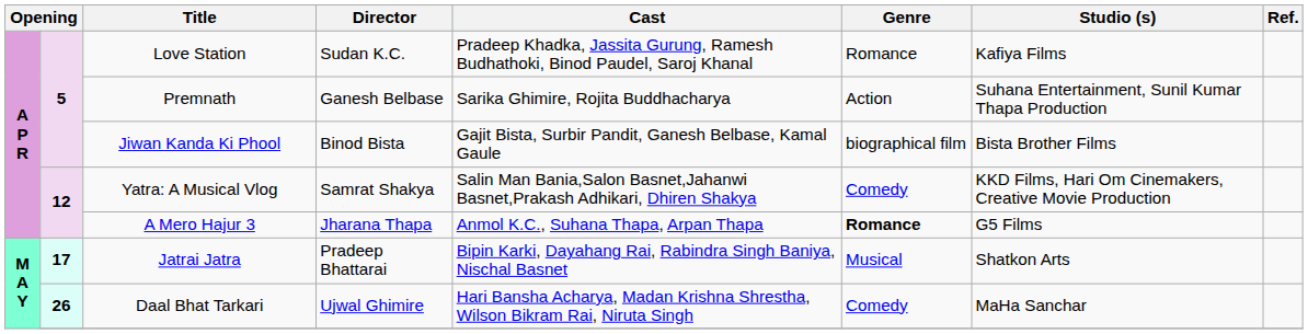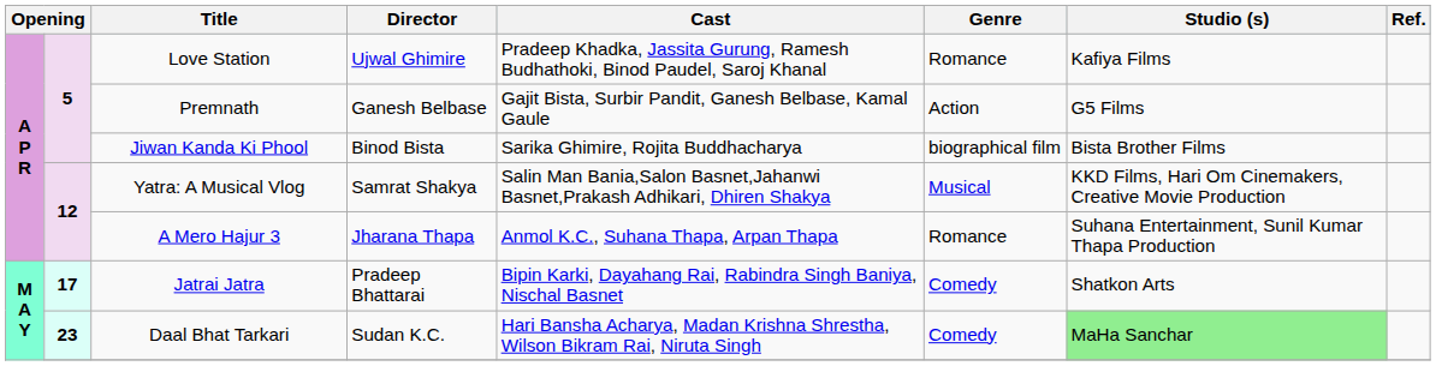 <table class="wikitable">
 <tr style="background:#b0e0e6; text-align:center;">
 <th colspan="2" style="width:6%;"><strong>Opening</strong></th>
 <th style="width:18%;"><strong>Title</strong></th>
 <th style="width:10.5%;"><strong>Director</strong></th>
 <th style="width:30%;"><strong>Cast</strong></th>
 <th style="width:10%;"><strong>Genre</strong></th>
 <th>Studio (s)</th>
 <th>Ref.</th>
 </tr>
 <tr>
 <td rowspan="5" style="text-align:center; background:plum;"><strong>A<br>P<br>R</strong></td>
 <td rowspan="3" style="text-align:center;background:#f1daf1;"><strong>5</strong></td>
 <td style="text-align:center;">Love Station</td>
-<td>Sudan K.C.</td>
+<td><a href='#'>Ujwal Ghimire</a></td>
 <td>Pradeep Khadka, <a href='#'>Jassita Gurung</a>, Ramesh Budhathoki, Binod Paudel, Saroj Khanal</td>
 <td>Romance</td>
 <td>Kafiya Films</td>
 <td></td>
 </tr>
 <tr>
 <td style="text-align:center;">Premnath</td>
 <td>Ganesh Belbase</td>
-<td>Sarika Ghimire, Rojita Buddhacharya</td>
+<td>Gajit Bista, Surbir Pandit, Ganesh Belbase, Kamal Gaule</td>
 <td>Action</td>
-<td>Suhana Entertainment, Sunil Kumar Thapa Production</td>
+<td>G5 Films</td>
 <td></td>
 </tr>
 <tr>
 <td style="text-align:center;"><a href='#'>Jiwan Kanda Ki Phool</a></td>
 <td>Binod Bista</td>
-<td>Gajit Bista, Surbir Pandit, Ganesh Belbase, Kamal Gaule</td>
+<td>Sarika Ghimire, Rojita Buddhacharya</td>
 <td>biographical film</td>
 <td>Bista Brother Films</td>
 <td></td>
 </tr>
 <tr>
 <td rowspan="2" style="text-align:center;background:#f1daf1;"><strong>12</strong></td>
 <td style="text-align:center;">Yatra: A Musical Vlog</td>
 <td>Samrat Shakya</td>
 <td>Salin Man Bania,Salon Basnet,Jahanwi Basnet,Prakash Adhikari, <a href='#'>Dhiren Shakya</a></td>
-<td><a href='#'>Comedy</a></td>
+<td><a href='#'>Musical</a></td>
 <td>KKD Films, Hari Om Cinemakers, Creative Movie Production</td>
 <td></td>
 </tr>
 <tr>
 <td style="text-align:center;"><a href='#'>A Mero Hajur 3</a></td>
 <td><a href='#'>Jharana Thapa</a></td>
 <td><a href='#'>Anmol K.C.</a>, <a href='#'>Suhana Thapa</a>, <a href='#'>Arpan Thapa</a></td>
-<td><strong>Romance</strong></td>
-<td>G5 Films</td>
+<td>Romance</td>
+<td>Suhana Entertainment, Sunil Kumar Thapa Production</td>
 <td></td>
 </tr>
 <tr>
 <td rowspan="5" style="text-align:center; background:#7FFFD4; textcolor:#000;"><strong>M<br>A<br>Y</strong></td>
 <td rowspan="1" style="text-align:center; background:#dbfff8;"><strong>17</strong></td>
 <td style="text-align:center;"><a href='#'>Jatrai Jatra</a></td>
 <td>Pradeep Bhattarai</td>
 <td><a href='#'>Bipin Karki</a>, <a href='#'>Dayahang Rai</a>, <a href='#'>Rabindra Singh Baniya</a>, <a href='#'>Nischal Basnet</a></td>
-<td><a href='#'>Musical</a></td>
+<td><a href='#'>Comedy</a></td>
 <td>Shatkon Arts</td>
 <td></td>
 </tr>
 <tr>
-<td rowspan="1" style="text-align:center; background:#dbfff8;"><strong>26</strong></td>
+<td rowspan="1" style="text-align:center; background:#dbfff8;"><strong>23</strong></td>
 <td style="text-align:center;">Daal Bhat Tarkari</td>
-<td><a href='#'>Ujwal Ghimire</a></td>
+<td>Sudan K.C.</td>
 <td><a href='#'>Hari Bansha Acharya</a>, <a href='#'>Madan Krishna Shrestha</a>, <a href='#'>Wilson Bikram Rai</a>, <a href='#'>Niruta Singh</a></td>
 <td><a href='#'>Comedy</a></td>
-<td>MaHa Sanchar</td>
+<td style="background: lightgreen;">MaHa Sanchar</td>
 <td></td>
 </tr>
 <tr>
 </tr>
 </table>
